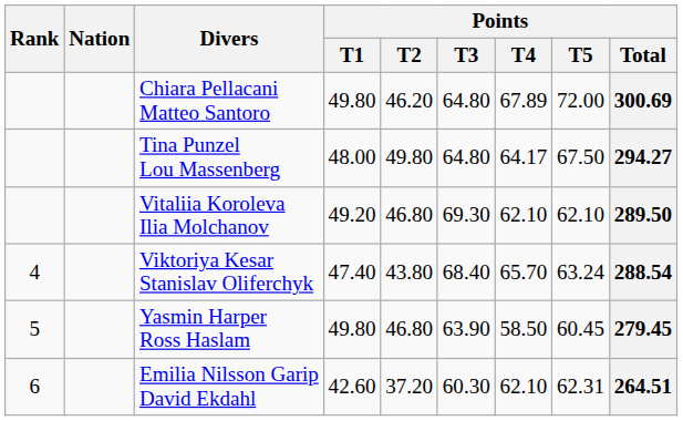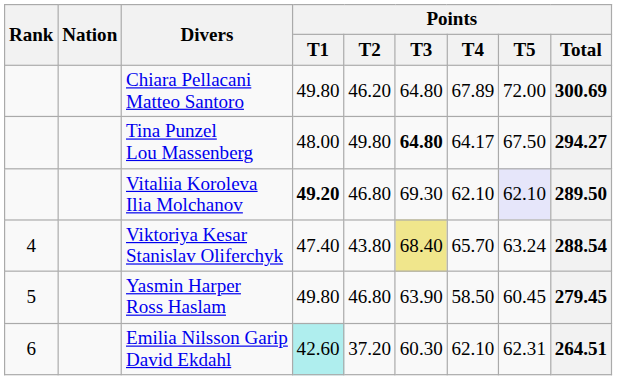 <table class="wikitable" style="text-align:center">
 <tr>
 <th rowspan=2>Rank</th>
 <th rowspan=2>Nation</th>
 <th rowspan=2>Divers</th>
 <th colspan=6>Points</th>
 </tr>
 <tr>
 <th>T1</th>
 <th>T2</th>
 <th>T3</th>
 <th>T4</th>
 <th>T5</th>
 <th>Total</th>
 </tr>
 <tr>
 <td></td>
 <td align=left></td>
 <td align=left><a href='#'>Chiara Pellacani</a><br><a href='#'>Matteo Santoro</a></td>
 <td>49.80</td>
 <td>46.20</td>
 <td>64.80</td>
 <td>67.89</td>
 <td>72.00</td>
 <th>300.69</th>
 </tr>
 <tr>
 <td></td>
 <td align=left></td>
 <td align=left><a href='#'>Tina Punzel</a><br><a href='#'>Lou Massenberg</a></td>
 <td>48.00</td>
 <td>49.80</td>
-<td>64.80</td>
+<td><strong>64.80</strong></td>
 <td>64.17</td>
 <td>67.50</td>
 <th>294.27</th>
 </tr>
 <tr>
 <td></td>
 <td align=left></td>
 <td align=left><a href='#'>Vitaliia Koroleva</a><br><a href='#'>Ilia Molchanov</a></td>
-<td>49.20</td>
+<td><strong>49.20</strong></td>
 <td>46.80</td>
 <td>69.30</td>
 <td>62.10</td>
-<td>62.10</td>
+<td style="background: lavender;">62.10</td>
 <th>289.50</th>
 </tr>
 <tr>
 <td>4</td>
 <td align=left></td>
 <td align=left><a href='#'>Viktoriya Kesar</a><br><a href='#'>Stanislav Oliferchyk</a></td>
 <td>47.40</td>
 <td>43.80</td>
-<td>68.40</td>
+<td style="background: khaki;">68.40</td>
 <td>65.70</td>
 <td>63.24</td>
 <th>288.54</th>
 </tr>
 <tr>
 <td>5</td>
 <td align=left></td>
 <td align=left><a href='#'>Yasmin Harper</a><br><a href='#'>Ross Haslam</a></td>
 <td>49.80</td>
 <td>46.80</td>
 <td>63.90</td>
 <td>58.50</td>
 <td>60.45</td>
 <th>279.45</th>
 </tr>
 <tr>
 <td>6</td>
 <td align=left></td>
 <td align=left><a href='#'>Emilia Nilsson Garip</a> <br><a href='#'>David Ekdahl</a></td>
-<td>42.60</td>
+<td style="background: paleturquoise;">42.60</td>
 <td>37.20</td>
 <td>60.30</td>
 <td>62.10</td>
 <td>62.31</td>
 <th>264.51</th>
 </tr>
 </table>
